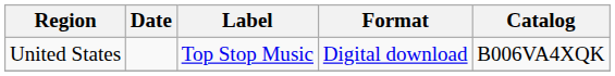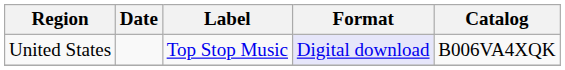 <table class="wikitable">
 <tr>
 <th>Region</th>
 <th>Date</th>
 <th>Label</th>
 <th>Format</th>
 <th>Catalog</th>
 </tr>
 <tr>
 <td>United States</td>
 <td></td>
 <td><a href='#'>Top Stop Music</a></td>
-<td><a href='#'>Digital download</a></td>
+<td style="background: lavender;"><a href='#'>Digital download</a></td>
 <td>B006VA4XQK</td>
 </tr>
 <tr>
 </tr>
 </table>
